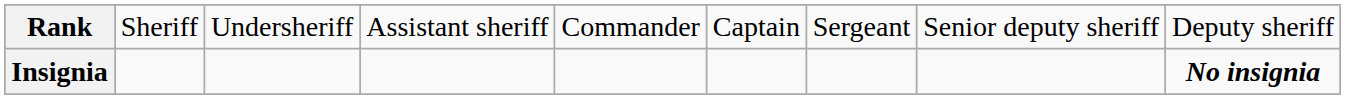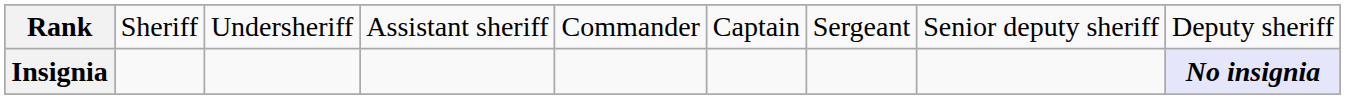 <table class="wikitable">
 <tr style="text-align:center;">
 <th>Rank</th>
 <td>Sheriff</td>
 <td>Undersheriff</td>
 <td>Assistant sheriff</td>
 <td>Commander</td>
 <td>Captain</td>
 <td>Sergeant</td>
 <td>Senior deputy sheriff</td>
 <td>Deputy sheriff</td>
 </tr>
 <tr style="text-align:center;">
 <th>Insignia</th>
 <td></td>
 <td></td>
 <td></td>
 <td></td>
 <td></td>
 <td></td>
 <td></td>
-<td><strong><em>No insignia</em></strong></td>
+<td style="background: lavender;"><strong><em>No insignia</em></strong></td>
 </tr>
 </table>
